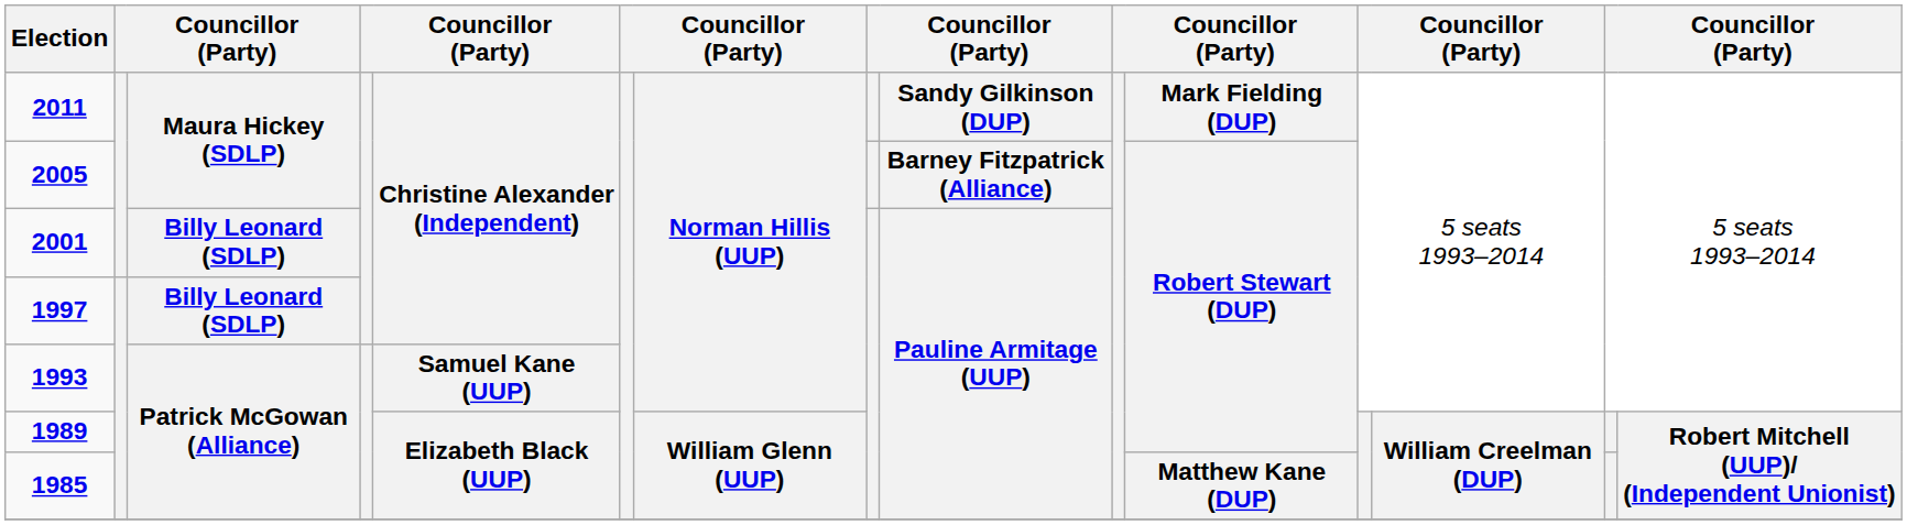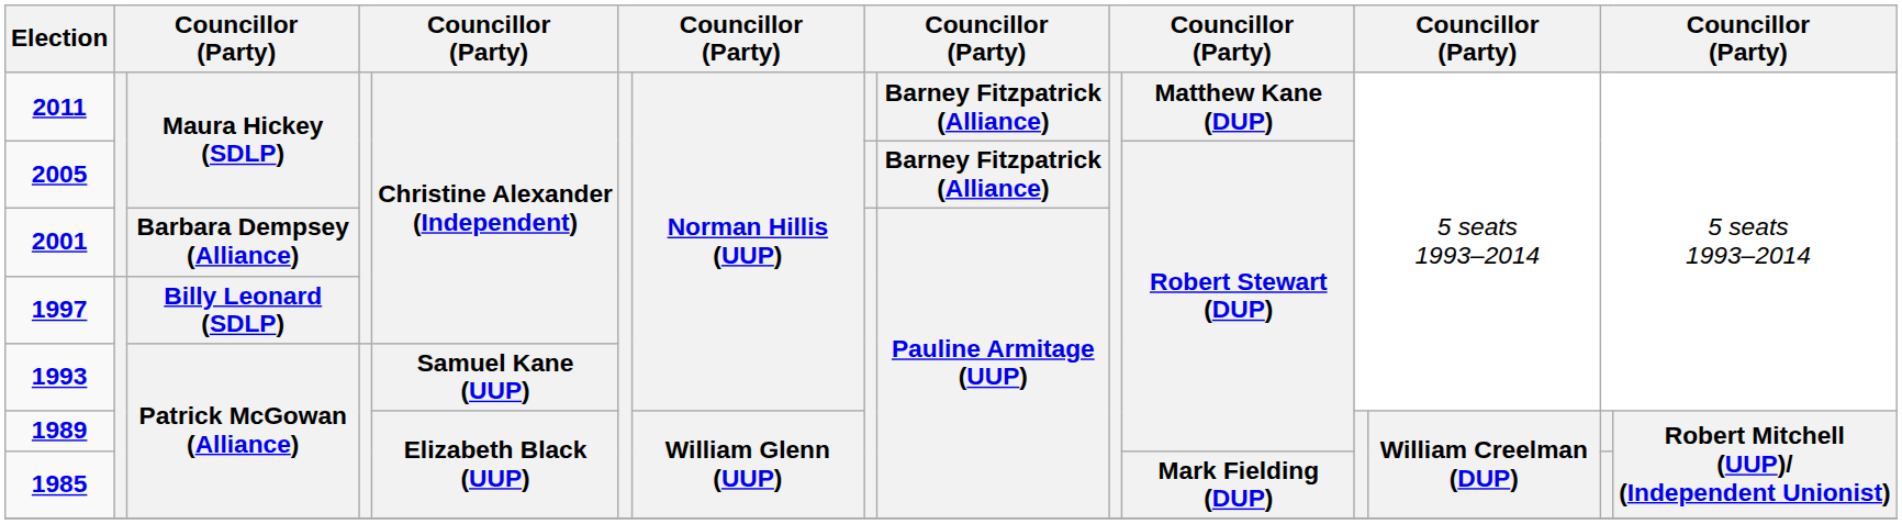 <table class="wikitable" style="text-align:center">
 <tr>
 <th scope="col" width="50">Election</th>
 <th scope="col" width="150" colspan = "2">Councillor<br> (Party)</th>
 <th scope="col" width="150" colspan = "2">Councillor<br> (Party)</th>
 <th scope="col" width="150" colspan = "2">Councillor<br> (Party)</th>
 <th scope="col" width="150" colspan = "2">Councillor<br> (Party)</th>
 <th scope="col" width="150" colspan = "2">Councillor<br> (Party)</th>
 <th scope="col" width="150" colspan = "2">Councillor<br> (Party)</th>
 <th scope="col" width="150" colspan = "2">Councillor<br> (Party)</th>
 </tr>
 <tr>
 <td><strong><a href='#'>2011</a></strong></td>
 <th rowspan="3" width="1" style="background-color: "></th>
 <th rowspan = "2">Maura Hickey <br> (<a href='#'>SDLP</a>)</th>
 <th rowspan="4" width="1" style="background-color: "></th>
 <th rowspan = "4">Christine Alexander <br> (<a href='#'>Independent</a>)</th>
 <th rowspan="7" width="1" style="background-color: "></th>
 <th rowspan = "5"><a href='#'>Norman Hillis</a> <br> (<a href='#'>UUP</a>)</th>
 <th rowspan="1" width="1" style="background-color: "></th>
-<th rowspan = "1">Sandy Gilkinson <br> (<a href='#'>DUP</a>)</th>
+<th rowspan = "1">Barney Fitzpatrick <br> (<a href='#'>Alliance</a>)</th>
 <th rowspan="7" width="1" style="background-color: "></th>
-<th rowspan = "1">Mark Fielding <br> (<a href='#'>DUP</a>)</th>
+<th rowspan = "1">Matthew Kane <br> (<a href='#'>DUP</a>)</th>
 <td colspan="2" rowspan="5" style="background-color:#FFFFFF"><em>5 seats<br>1993–2014</em></td>
 <td colspan="2" rowspan="5" style="background-color:#FFFFFF"><em>5 seats<br>1993–2014</em></td>
 </tr>
 <tr>
 <td><strong><a href='#'>2005</a></strong></td>
 <th rowspan="1" width="1" style="background-color: "></th>
 <th rowspan = "1">Barney Fitzpatrick <br> (<a href='#'>Alliance</a>)</th>
 <th rowspan = "5"><a href='#'>Robert Stewart</a> <br> (<a href='#'>DUP</a>)</th>
 </tr>
 <tr>
 <td><strong><a href='#'>2001</a></strong></td>
-<th rowspan = "1"><a href='#'>Billy Leonard</a> <br> (<a href='#'>SDLP</a>)</th>
+<th rowspan = "1">Barbara Dempsey <br> (<a href='#'>Alliance</a>)</th>
 <th rowspan="5" width="1" style="background-color: "></th>
 <th rowspan = "5"><a href='#'>Pauline Armitage</a> <br> (<a href='#'>UUP</a>)</th>
 </tr>
 <tr>
 <td><strong><a href='#'>1997</a></strong></td>
 <th rowspan="4" width="1" style="background-color: "></th>
 <th rowspan = "1"><a href='#'>Billy Leonard</a> <br> (<a href='#'>SDLP</a>)</th>
 </tr>
 <tr>
 <td><strong><a href='#'>1993</a></strong></td>
 <th rowspan = "3">Patrick McGowan <br> (<a href='#'>Alliance</a>)</th>
 <th rowspan="3" width="1" style="background-color: "></th>
 <th rowspan = "1">Samuel Kane <br> (<a href='#'>UUP</a>)</th>
 </tr>
 <tr>
 <td><strong><a href='#'>1989</a></strong></td>
 <th rowspan = "2">Elizabeth Black <br> (<a href='#'>UUP</a>)</th>
 <th rowspan = "2">William Glenn <br> (<a href='#'>UUP</a>)</th>
 <th rowspan="2" width="1" style="background-color: "></th>
 <th rowspan = "2">William Creelman <br> (<a href='#'>DUP</a>)</th>
 <th rowspan="1" width="1" style="background-color: "></th>
 <th rowspan = "2">Robert Mitchell <br> (<a href='#'>UUP</a>)/ <br> (<a href='#'>Independent Unionist</a>)</th>
 </tr>
 <tr>
 <td><strong><a href='#'>1985</a></strong></td>
-<th rowspan = "1">Matthew Kane <br> (<a href='#'>DUP</a>)</th>
+<th rowspan = "1">Mark Fielding <br> (<a href='#'>DUP</a>)</th>
 <th rowspan="1" width="1" style="background-color: "></th>
 </tr>
 <tr>
 </tr>
 </table>
